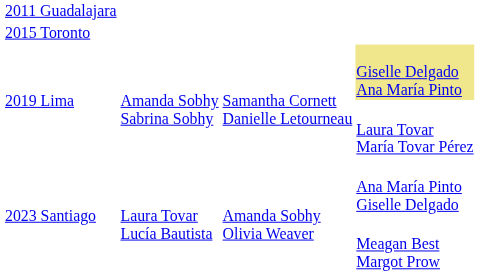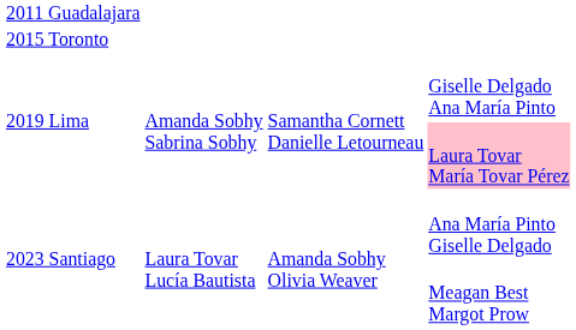 <table>
 <tr>
 <td rowspan=2><a href='#'>2011 Guadalajara</a><br></td>
 <td rowspan=2></td>
 <td rowspan=2></td>
 <td></td>
 </tr>
 <tr>
 <td></td>
 </tr>
 <tr>
 <td rowspan=2><a href='#'>2015 Toronto</a><br></td>
 <td rowspan=2></td>
 <td rowspan=2></td>
 <td></td>
 </tr>
 <tr>
 <td></td>
 </tr>
 <tr>
 <td rowspan=2><a href='#'>2019 Lima</a><br></td>
 <td rowspan=2><br><a href='#'>Amanda Sobhy</a><br><a href='#'>Sabrina Sobhy</a></td>
 <td rowspan=2><br><a href='#'>Samantha Cornett</a><br><a href='#'>Danielle Letourneau</a></td>
-<td style="background: khaki;"><br><a href='#'>Giselle Delgado</a><br><a href='#'>Ana María Pinto</a></td>
+<td><br><a href='#'>Giselle Delgado</a><br><a href='#'>Ana María Pinto</a></td>
 </tr>
 <tr>
-<td><br><a href='#'>Laura Tovar</a><br><a href='#'>María Tovar Pérez</a></td>
+<td style="background: pink;"><br><a href='#'>Laura Tovar</a><br><a href='#'>María Tovar Pérez</a></td>
 </tr>
 <tr>
 <td rowspan=2><a href='#'>2023 Santiago</a><br></td>
 <td rowspan=2><br><a href='#'>Laura Tovar</a><br><a href='#'>Lucía Bautista</a></td>
 <td rowspan=2><br><a href='#'>Amanda Sobhy</a><br><a href='#'>Olivia Weaver</a></td>
 <td><br><a href='#'>Ana María Pinto</a><br><a href='#'>Giselle Delgado</a></td>
 </tr>
 <tr>
 <td><br><a href='#'>Meagan Best</a><br><a href='#'>Margot Prow</a></td>
 </tr>
 </table>
